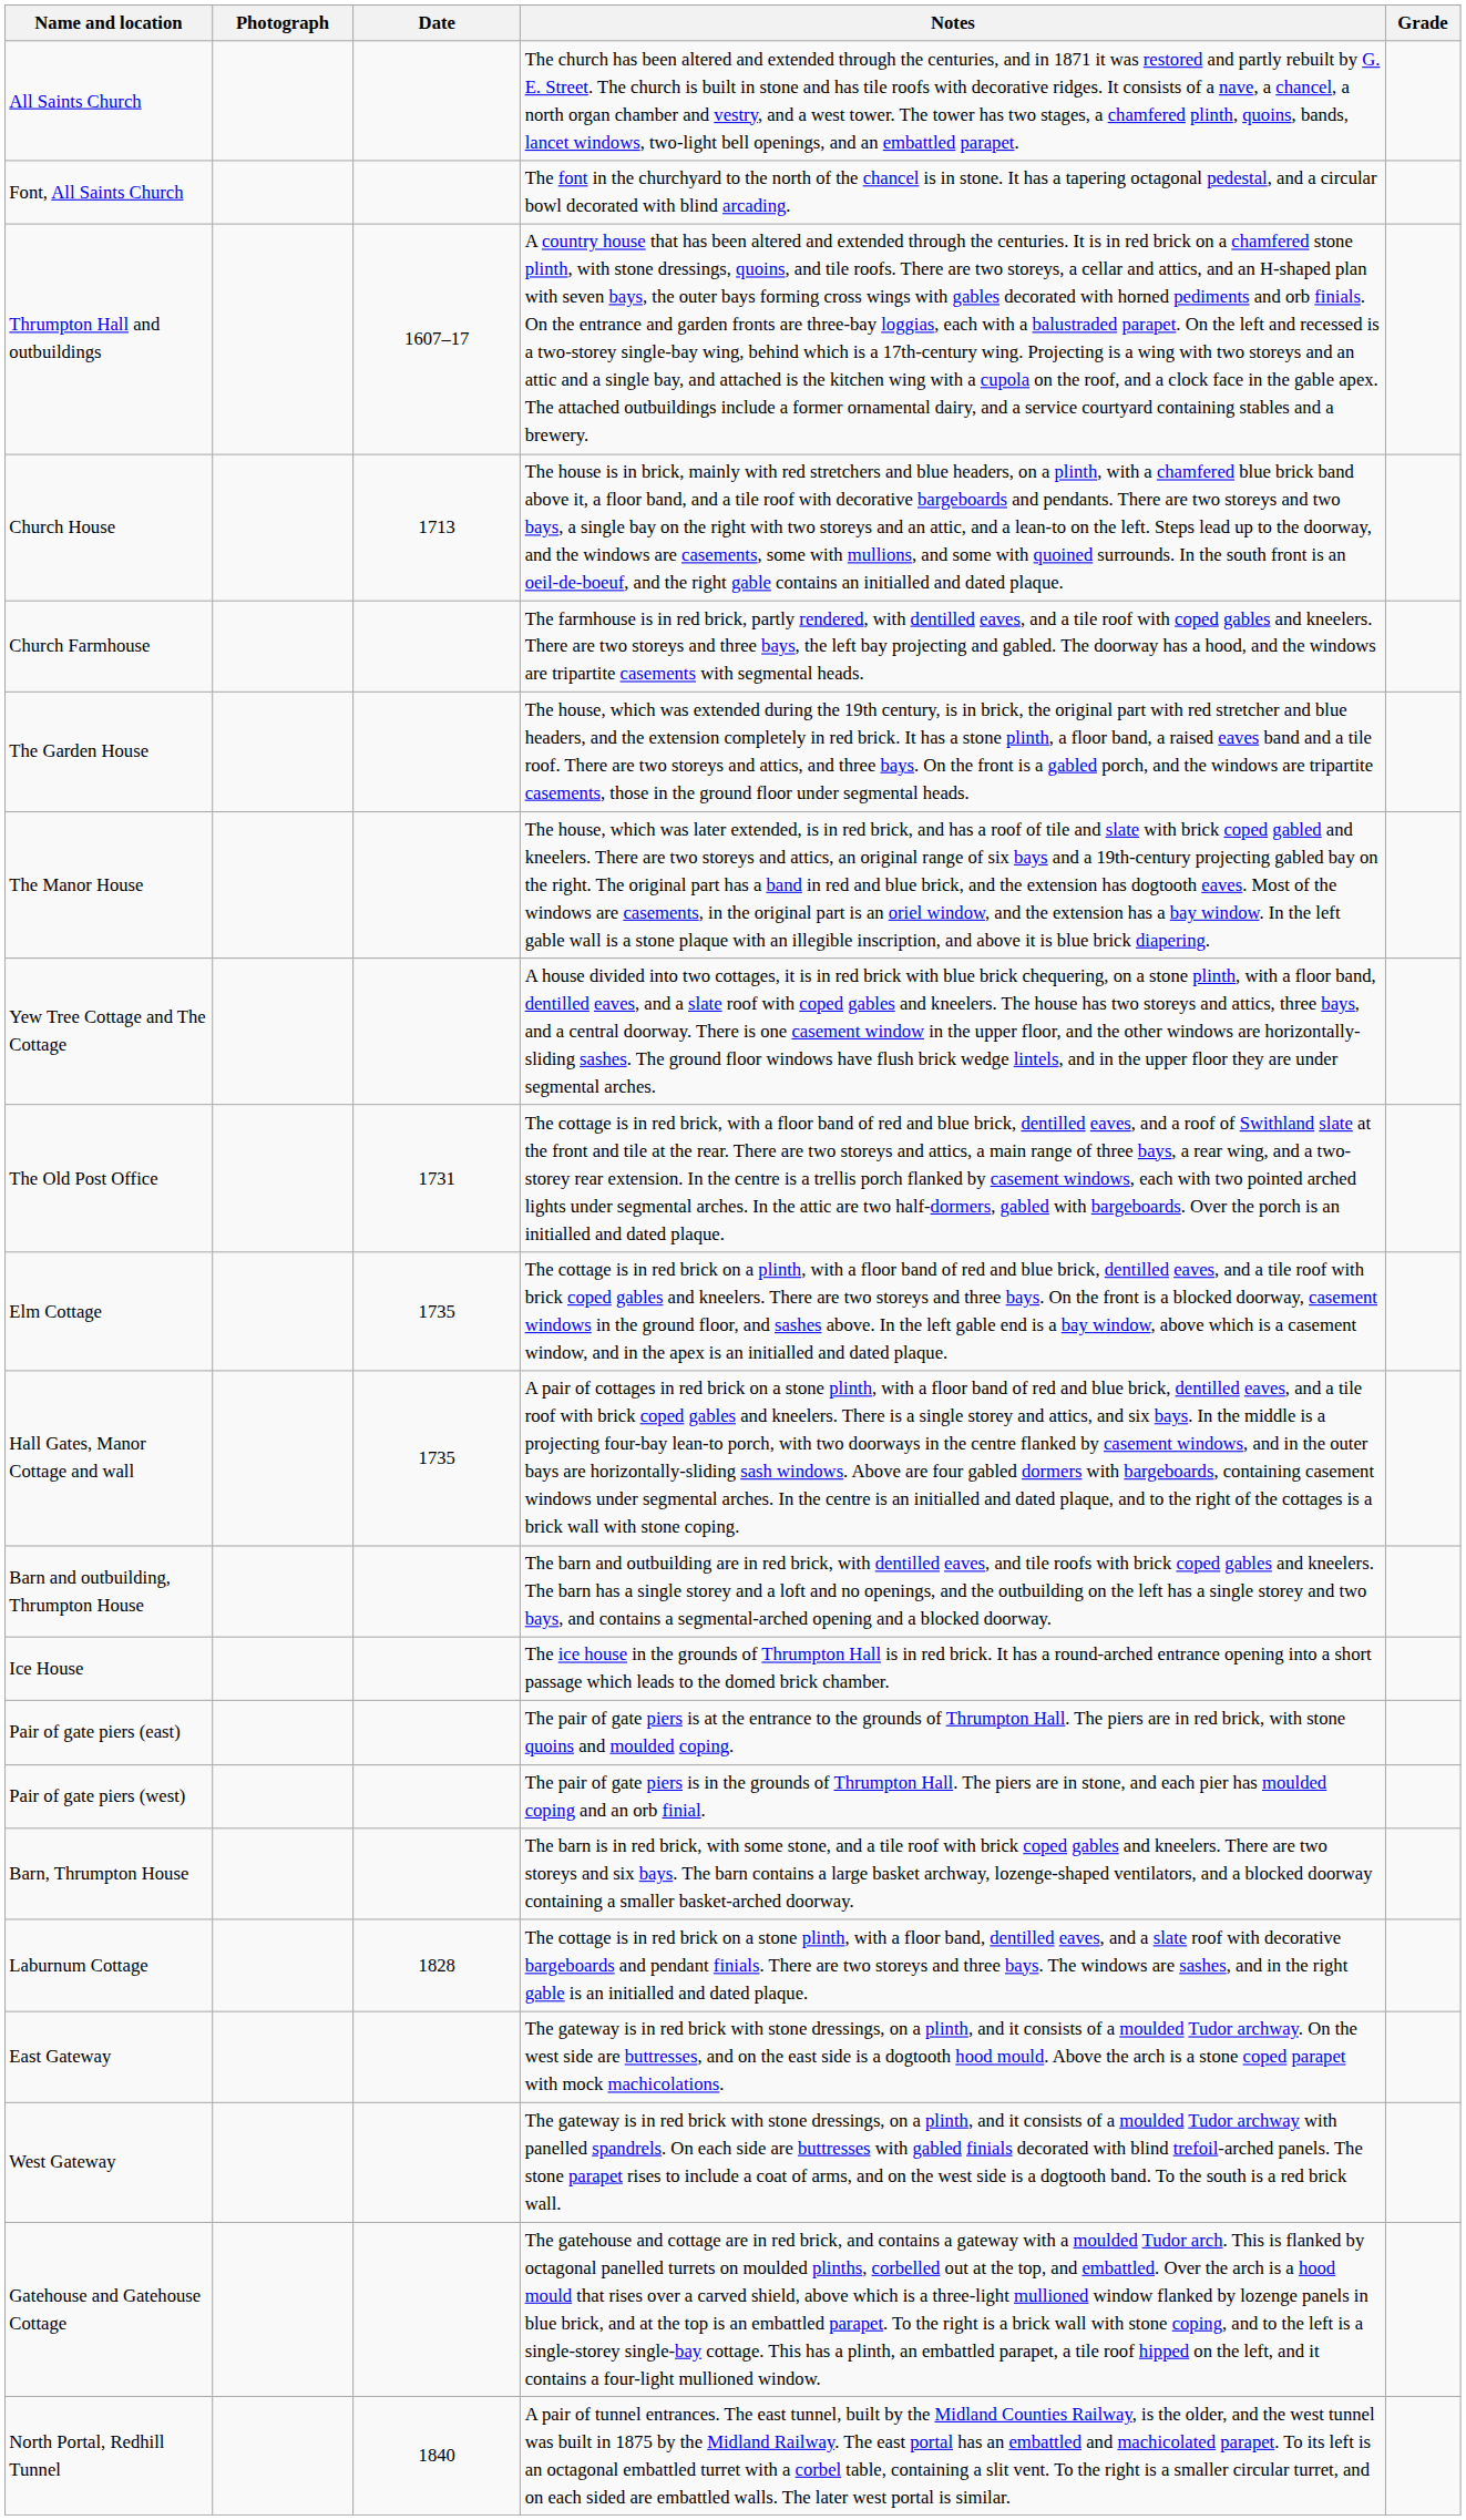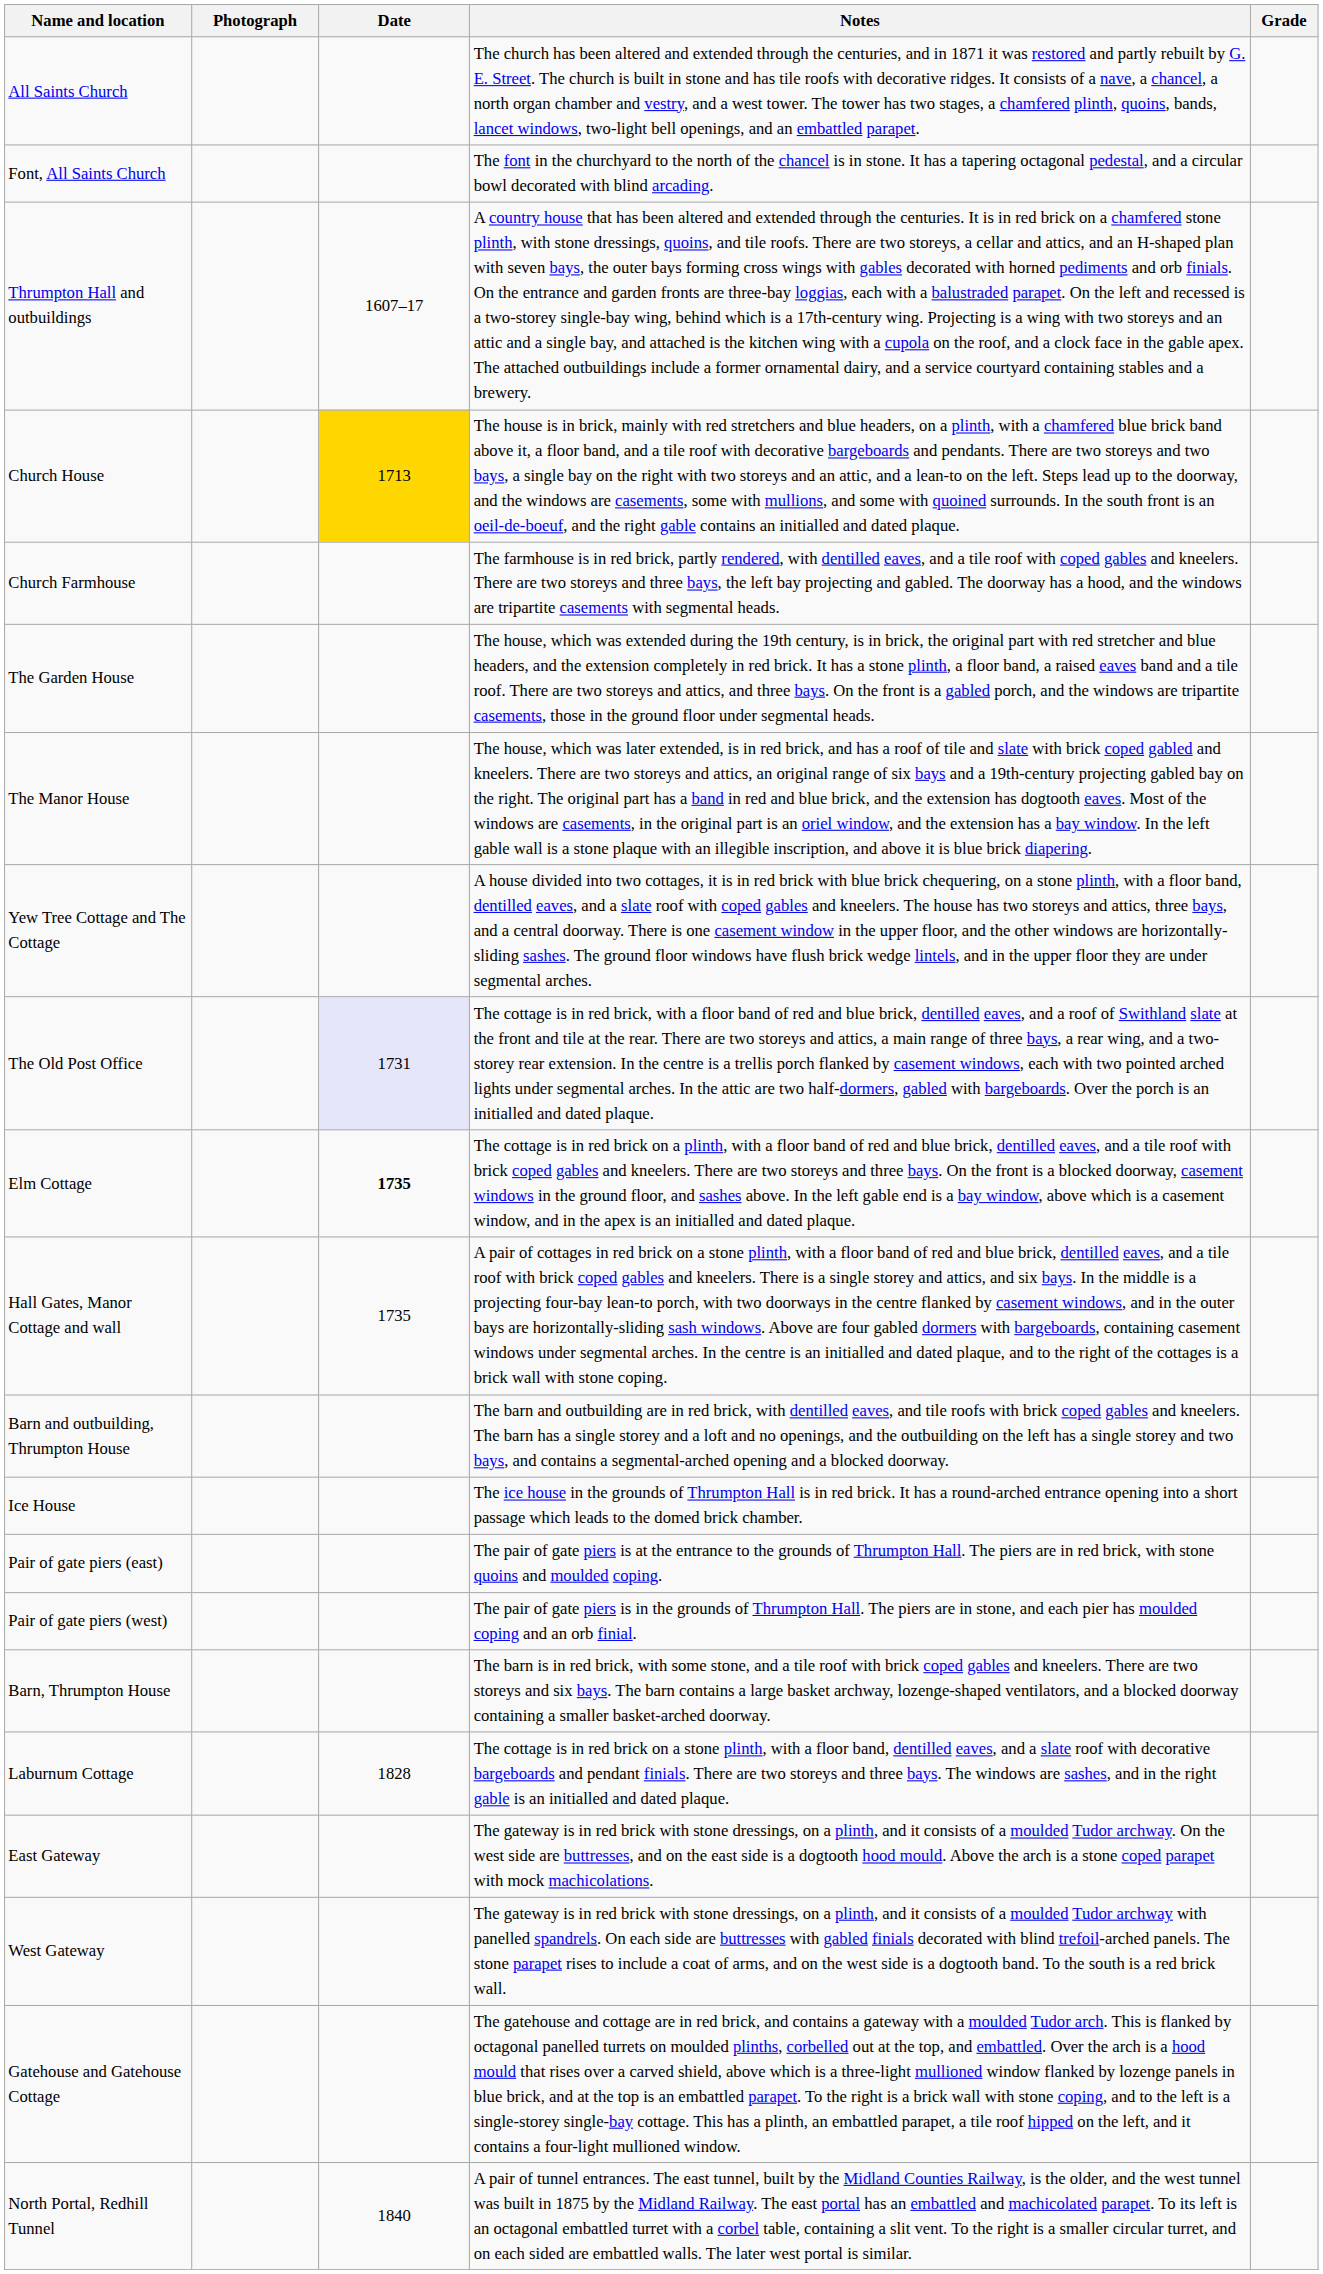 <table class="wikitable sortable plainrowheaders" style="width:100%; border:0px; text-align:left; line-height:150%">
 <tr>
 <th scope="col"  style="width:150px">Name and location</th>
 <th scope="col"  style="width:100px" class="unsortable">Photograph</th>
 <th scope="col"  style="width:120px">Date</th>
 <th scope="col"  style="width:650px" class="unsortable">Notes</th>
 <th scope="col"  style="width:50px">Grade</th>
 </tr>
 <tr>
 <td><a href='#'>All Saints Church</a><br><small></small></td>
 <td></td>
 <td align="center"></td>
 <td>The church has been altered and extended through the centuries, and in 1871 it was <a href='#'>restored</a> and partly rebuilt by <a href='#'>G. E. Street</a>.  The church is built in stone and has tile roofs with decorative ridges.  It consists of a <a href='#'>nave</a>, a <a href='#'>chancel</a>, a north organ chamber and <a href='#'>vestry</a>, and a west tower.  The tower has two stages, a <a href='#'>chamfered</a> <a href='#'>plinth</a>, <a href='#'>quoins</a>, bands, <a href='#'>lancet windows</a>, two-light bell openings, and an <a href='#'>embattled</a> <a href='#'>parapet</a>.</td>
 <td align="center" ></td>
 </tr>
 <tr>
 <td>Font, <a href='#'>All Saints Church</a><br><small></small></td>
 <td></td>
 <td align="center"></td>
 <td>The <a href='#'>font</a> in the churchyard to the north of the <a href='#'>chancel</a> is in stone.  It has a tapering octagonal <a href='#'>pedestal</a>, and a circular bowl decorated with blind <a href='#'>arcading</a>.</td>
 <td align="center" ></td>
 </tr>
 <tr>
 <td><a href='#'>Thrumpton Hall</a> and outbuildings<br><small></small></td>
 <td></td>
 <td align="center">1607–17</td>
 <td>A <a href='#'>country house</a> that has been altered and extended through the centuries.  It is in red brick on a <a href='#'>chamfered</a> stone <a href='#'>plinth</a>, with stone dressings, <a href='#'>quoins</a>, and tile roofs.  There are two storeys, a cellar and attics, and an H-shaped plan with seven <a href='#'>bays</a>, the outer bays forming cross wings with <a href='#'>gables</a> decorated with horned <a href='#'>pediments</a> and orb <a href='#'>finials</a>.  On the entrance and garden fronts are three-bay <a href='#'>loggias</a>, each with a <a href='#'>balustraded</a> <a href='#'>parapet</a>.  On the left and recessed is a two-storey single-bay wing, behind which is a 17th-century wing.  Projecting is a wing with two storeys and an attic and a single bay, and attached is the kitchen wing with a <a href='#'>cupola</a> on the roof, and a clock face in the gable apex.  The attached outbuildings include a former ornamental dairy, and a service courtyard containing stables and a brewery.</td>
 <td align="center" ></td>
 </tr>
 <tr>
 <td>Church House<br><small></small></td>
 <td></td>
-<td align="center">1713</td>
+<td align="center" style="background: gold;">1713</td>
 <td>The house is in brick, mainly with red stretchers and blue headers, on a <a href='#'>plinth</a>, with a <a href='#'>chamfered</a> blue brick band above it, a floor band, and a tile roof with decorative <a href='#'>bargeboards</a> and pendants.  There are two storeys and two <a href='#'>bays</a>, a single bay on the right with two storeys and an attic, and a lean-to on the left.  Steps lead up to the doorway, and the windows are <a href='#'>casements</a>, some with <a href='#'>mullions</a>, and some with <a href='#'>quoined</a> surrounds.  In the south front is an <a href='#'>oeil-de-boeuf</a>, and the right <a href='#'>gable</a> contains an initialled and dated plaque.</td>
 <td align="center" ></td>
 </tr>
 <tr>
 <td>Church Farmhouse<br><small></small></td>
 <td></td>
 <td align="center"></td>
 <td>The farmhouse is in red brick, partly <a href='#'>rendered</a>, with <a href='#'>dentilled</a> <a href='#'>eaves</a>, and a tile roof with <a href='#'>coped</a> <a href='#'>gables</a> and kneelers.  There are two storeys and three <a href='#'>bays</a>, the left bay projecting and gabled.  The doorway has a hood, and the windows are tripartite <a href='#'>casements</a> with segmental heads.</td>
 <td align="center" ></td>
 </tr>
 <tr>
 <td>The Garden House<br><small></small></td>
 <td></td>
 <td align="center"></td>
 <td>The house, which was extended during the 19th century, is in brick, the original part with red stretcher and blue headers, and the extension completely in red brick.  It has a stone <a href='#'>plinth</a>, a floor band, a raised <a href='#'>eaves</a> band and a tile roof.  There are two storeys and attics, and three <a href='#'>bays</a>.  On the front is a <a href='#'>gabled</a> porch, and the windows are tripartite <a href='#'>casements</a>, those in the ground floor under segmental heads.</td>
 <td align="center" ></td>
 </tr>
 <tr>
 <td>The Manor House<br><small></small></td>
 <td></td>
 <td align="center"></td>
 <td>The house, which was later extended, is in red brick, and has a roof of tile and <a href='#'>slate</a> with brick <a href='#'>coped</a> <a href='#'>gabled</a> and kneelers.  There are two storeys and attics, an original range of six <a href='#'>bays</a> and a 19th-century projecting gabled bay on the right.  The original part has a <a href='#'>band</a> in red and blue brick, and the extension has dogtooth <a href='#'>eaves</a>.  Most of the windows are <a href='#'>casements</a>, in the original part is an <a href='#'>oriel window</a>, and the extension has a <a href='#'>bay window</a>.  In the left gable wall is a stone plaque with an illegible inscription, and above it is blue brick <a href='#'>diapering</a>.</td>
 <td align="center" ></td>
 </tr>
 <tr>
 <td>Yew Tree Cottage and The Cottage<br><small></small></td>
 <td></td>
 <td align="center"></td>
 <td>A house divided into two cottages, it is in red brick with blue brick chequering, on a stone <a href='#'>plinth</a>, with a floor band, <a href='#'>dentilled</a> <a href='#'>eaves</a>, and a <a href='#'>slate</a> roof with <a href='#'>coped</a> <a href='#'>gables</a> and kneelers.  The house has two storeys and attics, three <a href='#'>bays</a>, and a central doorway.  There is one <a href='#'>casement window</a> in the upper floor, and the other windows are horizontally-sliding <a href='#'>sashes</a>.  The ground floor windows have flush brick wedge <a href='#'>lintels</a>, and in the upper floor they are under segmental arches.</td>
 <td align="center" ></td>
 </tr>
 <tr>
 <td>The Old Post Office<br><small></small></td>
 <td></td>
-<td align="center">1731</td>
+<td align="center" style="background: lavender;">1731</td>
 <td>The cottage is in red brick, with a floor band of red and blue brick, <a href='#'>dentilled</a> <a href='#'>eaves</a>, and a roof of <a href='#'>Swithland</a> <a href='#'>slate</a> at the front and tile at the rear.  There are two storeys and attics, a main range of three <a href='#'>bays</a>, a rear wing, and a two-storey rear extension.  In the centre is a trellis porch flanked by <a href='#'>casement windows</a>, each with two pointed arched lights under segmental arches.  In the attic are two half-<a href='#'>dormers</a>, <a href='#'>gabled</a> with <a href='#'>bargeboards</a>.  Over the porch is an initialled and dated plaque.</td>
 <td align="center" ></td>
 </tr>
 <tr>
 <td>Elm Cottage<br><small></small></td>
 <td></td>
-<td align="center">1735</td>
+<td align="center"><strong>1735</strong></td>
 <td>The cottage is in red brick on a <a href='#'>plinth</a>, with a floor band of red and blue brick, <a href='#'>dentilled</a> <a href='#'>eaves</a>, and a tile roof with brick <a href='#'>coped</a> <a href='#'>gables</a> and kneelers.  There are two storeys and three <a href='#'>bays</a>.  On the front is a blocked doorway, <a href='#'>casement windows</a> in the ground floor, and <a href='#'>sashes</a> above.  In the left gable end is a <a href='#'>bay window</a>, above which is a casement window, and in the apex is an initialled and dated plaque.</td>
 <td align="center" ></td>
 </tr>
 <tr>
 <td>Hall Gates, Manor Cottage and wall<br><small></small></td>
 <td></td>
 <td align="center">1735</td>
 <td>A pair of cottages in red brick on a stone <a href='#'>plinth</a>, with a floor band of red and blue brick, <a href='#'>dentilled</a> <a href='#'>eaves</a>, and a tile roof with brick <a href='#'>coped</a> <a href='#'>gables</a> and kneelers.  There is a single storey and attics, and six <a href='#'>bays</a>.  In the middle is a projecting four-bay lean-to porch, with two doorways in the centre flanked by <a href='#'>casement windows</a>, and in the outer bays are horizontally-sliding <a href='#'>sash windows</a>.  Above are four gabled <a href='#'>dormers</a> with <a href='#'>bargeboards</a>, containing casement windows under segmental arches. In the centre is an initialled and dated plaque, and to the right of the cottages is a brick wall with stone coping.</td>
 <td align="center" ></td>
 </tr>
 <tr>
 <td>Barn and outbuilding,<br>Thrumpton House<br><small></small></td>
 <td></td>
 <td align="center"></td>
 <td>The barn and outbuilding are in red brick, with <a href='#'>dentilled</a> <a href='#'>eaves</a>, and tile roofs with brick <a href='#'>coped</a> <a href='#'>gables</a> and kneelers.  The barn has a single storey and a loft and no openings, and the outbuilding on the left has a single storey and two <a href='#'>bays</a>, and contains a segmental-arched opening and a blocked doorway.</td>
 <td align="center" ></td>
 </tr>
 <tr>
 <td>Ice House<br><small></small></td>
 <td></td>
 <td align="center"></td>
 <td>The <a href='#'>ice house</a> in the grounds of <a href='#'>Thrumpton Hall</a> is in red brick.  It has a round-arched entrance opening into a short passage which leads to the domed brick chamber.</td>
 <td align="center" ></td>
 </tr>
 <tr>
 <td>Pair of gate piers (east)<br><small></small></td>
 <td></td>
 <td align="center"></td>
 <td>The pair of gate <a href='#'>piers</a> is at the entrance to the grounds of <a href='#'>Thrumpton Hall</a>.  The piers are in red brick, with stone <a href='#'>quoins</a> and <a href='#'>moulded</a> <a href='#'>coping</a>.</td>
 <td align="center" ></td>
 </tr>
 <tr>
 <td>Pair of gate piers (west)<br><small></small></td>
 <td></td>
 <td align="center"></td>
 <td>The pair of gate <a href='#'>piers</a> is in the grounds of <a href='#'>Thrumpton Hall</a>.  The piers are in stone, and each pier has <a href='#'>moulded</a> <a href='#'>coping</a> and an orb <a href='#'>finial</a>.</td>
 <td align="center" ></td>
 </tr>
 <tr>
 <td>Barn, Thrumpton House<br><small></small></td>
 <td></td>
 <td align="center"></td>
 <td>The barn is in red brick, with some stone, and a tile roof with brick <a href='#'>coped</a> <a href='#'>gables</a> and kneelers.  There are two storeys and six <a href='#'>bays</a>.  The barn contains a large basket archway, lozenge-shaped ventilators, and a blocked doorway containing a smaller basket-arched doorway.</td>
 <td align="center" ></td>
 </tr>
 <tr>
 <td>Laburnum Cottage<br><small></small></td>
 <td></td>
 <td align="center">1828</td>
 <td>The cottage is in red brick on a stone <a href='#'>plinth</a>, with a floor band, <a href='#'>dentilled</a> <a href='#'>eaves</a>, and a <a href='#'>slate</a> roof with decorative <a href='#'>bargeboards</a> and pendant <a href='#'>finials</a>.  There are two storeys and three <a href='#'>bays</a>.  The windows are <a href='#'>sashes</a>, and in the right <a href='#'>gable</a> is an initialled and dated plaque.</td>
 <td align="center" ></td>
 </tr>
 <tr>
 <td>East Gateway<br><small></small></td>
 <td></td>
 <td align="center"></td>
 <td>The gateway is in red brick with stone dressings, on a <a href='#'>plinth</a>, and it consists of a <a href='#'>moulded</a> <a href='#'>Tudor archway</a>.  On the west side are <a href='#'>buttresses</a>, and on the east side is a dogtooth <a href='#'>hood mould</a>.  Above the arch is a stone <a href='#'>coped</a> <a href='#'>parapet</a> with mock <a href='#'>machicolations</a>.</td>
 <td align="center" ></td>
 </tr>
 <tr>
 <td>West Gateway<br><small></small></td>
 <td></td>
 <td align="center"></td>
 <td>The gateway is in red brick with stone dressings, on a <a href='#'>plinth</a>, and it consists of a <a href='#'>moulded</a> <a href='#'>Tudor archway</a> with panelled <a href='#'>spandrels</a>.  On each side are <a href='#'>buttresses</a> with <a href='#'>gabled</a> <a href='#'>finials</a> decorated with blind <a href='#'>trefoil</a>-arched panels.  The stone <a href='#'>parapet</a> rises to include a coat of arms, and on the west side is a dogtooth band.  To the south is a red brick wall.</td>
 <td align="center" ></td>
 </tr>
 <tr>
 <td>Gatehouse and Gatehouse Cottage<br><small></small></td>
 <td></td>
 <td align="center"></td>
 <td>The gatehouse and cottage are in red brick, and contains a gateway with a <a href='#'>moulded</a> <a href='#'>Tudor arch</a>.  This is flanked by octagonal panelled turrets on moulded <a href='#'>plinths</a>, <a href='#'>corbelled</a> out at the top, and <a href='#'>embattled</a>.  Over the arch is a <a href='#'>hood mould</a> that rises over a carved shield, above which is a three-light <a href='#'>mullioned</a> window flanked by lozenge panels in blue brick, and at the top is an embattled <a href='#'>parapet</a>.  To the right is a brick wall with stone <a href='#'>coping</a>, and to the left is a single-storey single-<a href='#'>bay</a> cottage.  This has a plinth, an embattled parapet, a tile roof <a href='#'>hipped</a> on the left, and it contains a four-light mullioned window.</td>
 <td align="center" ></td>
 </tr>
 <tr>
 <td>North Portal, Redhill Tunnel<br><small></small></td>
 <td></td>
 <td align="center">1840</td>
 <td>A pair of tunnel entrances.  The east tunnel, built by the <a href='#'>Midland Counties Railway</a>, is the older, and the west tunnel was built in 1875 by the <a href='#'>Midland Railway</a>.  The east <a href='#'>portal</a> has an <a href='#'>embattled</a> and <a href='#'>machicolated</a> <a href='#'>parapet</a>.  To its left is an octagonal embattled turret with a <a href='#'>corbel</a> table, containing a slit vent.  To the right is a smaller circular turret, and on each sided are embattled walls.  The later west portal is similar.</td>
 <td align="center" ></td>
 </tr>
 <tr>
 </tr>
 </table>
